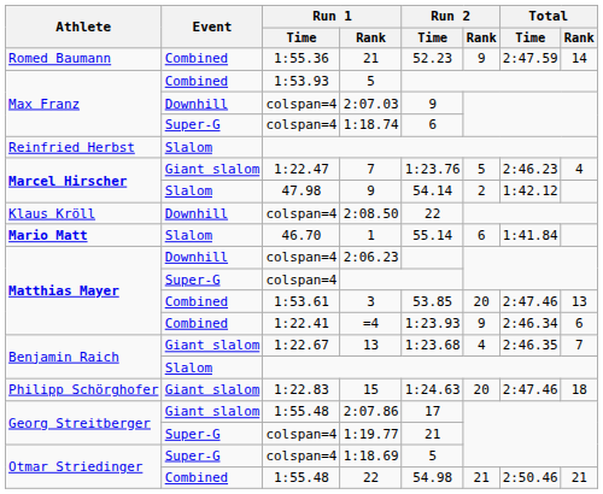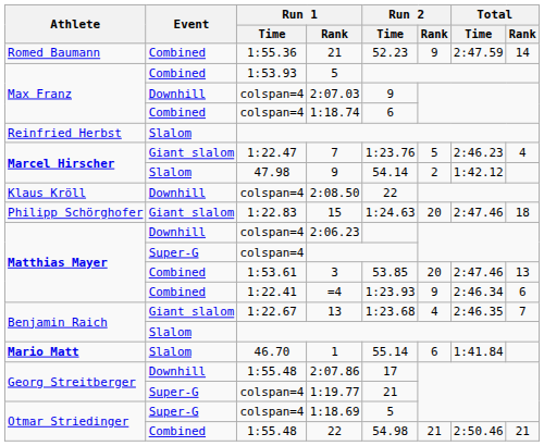 <table class="wikitable" style="font-size:90%">
 <tr>
 <th rowspan=2>Athlete</th>
 <th rowspan=2>Event</th>
 <th colspan=2>Run 1</th>
 <th colspan=2>Run 2</th>
 <th colspan=2>Total</th>
 </tr>
 <tr style="font-size:95%">
 <th>Time</th>
 <th>Rank</th>
 <th>Time</th>
 <th>Rank</th>
 <th>Time</th>
 <th>Rank</th>
 </tr>
 <tr align=center>
 <td align=left><a href='#'>Romed Baumann</a></td>
 <td align=left><a href='#'>Combined</a></td>
 <td>1:55.36</td>
 <td>21</td>
 <td>52.23</td>
 <td>9</td>
 <td>2:47.59</td>
 <td>14</td>
 </tr>
 <tr align=center>
 <td align=left rowspan=3><a href='#'>Max Franz</a></td>
 <td align=left><a href='#'>Combined</a></td>
 <td>1:53.93</td>
 <td>5</td>
 <td colspan=4></td>
 </tr>
 <tr align=center>
 <td align=left><a href='#'>Downhill</a></td>
 <td>colspan=4 </td>
 <td>2:07.03</td>
 <td>9</td>
 </tr>
 <tr align=center>
-<td align=left><a href='#'>Super-G</a></td>
+<td align=left><a href='#'>Combined</a></td>
 <td>colspan=4 </td>
 <td>1:18.74</td>
 <td>6</td>
 </tr>
 <tr align=center>
 <td align=left><a href='#'>Reinfried Herbst</a></td>
 <td align=left><a href='#'>Slalom</a></td>
 <td colspan=6></td>
 </tr>
 <tr align=center>
 <td align=left rowspan=2><strong><a href='#'>Marcel Hirscher</a></strong></td>
 <td align=left><a href='#'>Giant slalom</a></td>
 <td>1:22.47</td>
 <td>7</td>
 <td>1:23.76</td>
 <td>5</td>
 <td>2:46.23</td>
 <td>4</td>
 </tr>
 <tr align=center>
 <td align=left><a href='#'>Slalom</a></td>
 <td>47.98</td>
 <td>9</td>
 <td>54.14</td>
 <td>2</td>
 <td>1:42.12</td>
 <td></td>
 </tr>
 <tr align=center>
 <td align=left><a href='#'>Klaus Kröll</a></td>
 <td align=left><a href='#'>Downhill</a></td>
 <td>colspan=4 </td>
 <td>2:08.50</td>
 <td>22</td>
 </tr>
 <tr align=center>
-<td align=left><strong><a href='#'>Mario Matt</a></strong></td>
-<td align=left><a href='#'>Slalom</a></td>
-<td>46.70</td>
-<td>1</td>
-<td>55.14</td>
-<td>6</td>
-<td>1:41.84</td>
-<td></td>
+<td align=left><a href='#'>Philipp Schörghofer</a></td>
+<td align=left><a href='#'>Giant slalom</a></td>
+<td>1:22.83</td>
+<td>15</td>
+<td>1:24.63</td>
+<td>20</td>
+<td>2:47.46</td>
+<td>18</td>
 </tr>
 <tr align=center>
 <td align=left rowspan=4><strong><a href='#'>Matthias Mayer</a></strong></td>
 <td align=left><a href='#'>Downhill</a></td>
 <td>colspan=4 </td>
 <td>2:06.23</td>
 <td></td>
 </tr>
 <tr align=center>
 <td align=left><a href='#'>Super-G</a></td>
 <td>colspan=4 </td>
 <td colspan=2></td>
 </tr>
 <tr align=center>
 <td align=left><a href='#'>Combined</a></td>
 <td>1:53.61</td>
 <td>3</td>
 <td>53.85</td>
 <td>20</td>
 <td>2:47.46</td>
 <td>13</td>
 </tr>
 <tr align=center>
 <td align=left><a href='#'>Combined</a></td>
 <td>1:22.41</td>
 <td>=4</td>
 <td>1:23.93</td>
 <td>9</td>
 <td>2:46.34</td>
 <td>6</td>
 </tr>
 <tr align=center>
 <td align=left rowspan=2><a href='#'>Benjamin Raich</a></td>
 <td align=left><a href='#'>Giant slalom</a></td>
 <td>1:22.67</td>
 <td>13</td>
 <td>1:23.68</td>
 <td>4</td>
 <td>2:46.35</td>
 <td>7</td>
 </tr>
 <tr align=center>
 <td align=left><a href='#'>Slalom</a></td>
 <td colspan=6></td>
 </tr>
 <tr align=center>
-<td align=left><a href='#'>Philipp Schörghofer</a></td>
-<td align=left><a href='#'>Giant slalom</a></td>
-<td>1:22.83</td>
-<td>15</td>
-<td>1:24.63</td>
-<td>20</td>
-<td>2:47.46</td>
-<td>18</td>
+<td align=left><strong><a href='#'>Mario Matt</a></strong></td>
+<td align=left><a href='#'>Slalom</a></td>
+<td>46.70</td>
+<td>1</td>
+<td>55.14</td>
+<td>6</td>
+<td>1:41.84</td>
+<td></td>
 </tr>
 <tr align=center>
 <td align=left rowspan=2><a href='#'>Georg Streitberger</a></td>
-<td align=left><a href='#'>Giant slalom</a></td>
+<td align=left><a href='#'>Downhill</a></td>
 <td>1:55.48</td>
 <td>2:07.86</td>
 <td>17</td>
 </tr>
 <tr align=center>
 <td align=left><a href='#'>Super-G</a></td>
 <td>colspan=4 </td>
 <td>1:19.77</td>
 <td>21</td>
 </tr>
 <tr align=center>
 <td align=left rowspan=2><a href='#'>Otmar Striedinger</a></td>
 <td align=left><a href='#'>Super-G</a></td>
 <td>colspan=4 </td>
 <td>1:18.69</td>
 <td>5</td>
 </tr>
 <tr align=center>
 <td align=left><a href='#'>Combined</a></td>
 <td>1:55.48</td>
 <td>22</td>
 <td>54.98</td>
 <td>21</td>
 <td>2:50.46</td>
 <td>21</td>
 </tr>
 </table>
